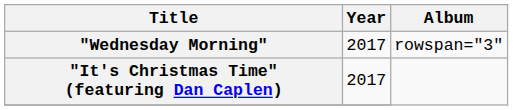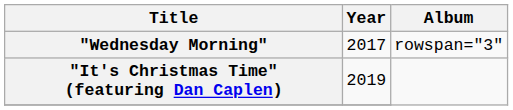 <table class="wikitable plainrowheaders" style="text-align:center;">
 <tr>
 <th scope="col" style="width:20em;">Title</th>
 <th scope="col">Year</th>
 <th scope="col">Album</th>
 </tr>
 <tr>
 <th scope="row">"Wednesday Morning"</th>
 <td>2017</td>
 <td>rowspan="3" </td>
 </tr>
 <tr>
 <th scope="row">"It's Christmas Time"<br><span>(featuring <a href='#'>Dan Caplen</a>)</span></th>
-<td>2017</td>
+<td>2019</td>
 </tr>
 <tr>
 </tr>
 </table>
